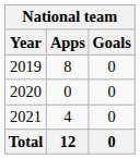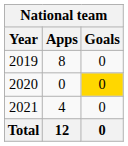 <table class="wikitable" style="text-align:center">
 <tr>
 <th colspan=3>National team</th>
 </tr>
 <tr>
 <th>Year</th>
 <th>Apps</th>
 <th>Goals</th>
 </tr>
 <tr>
 <td>2019</td>
 <td>8</td>
 <td>0</td>
 </tr>
 <tr>
 <td>2020</td>
 <td>0</td>
-<td>0</td>
+<td style="background: gold;">0</td>
 </tr>
 <tr>
 <td>2021</td>
 <td>4</td>
 <td>0</td>
 </tr>
 <tr>
 <th>Total</th>
 <th>12</th>
 <th>0</th>
 </tr>
 </table>
